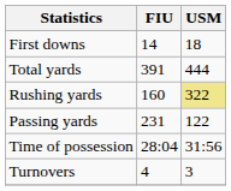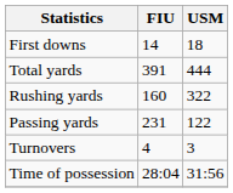 <table class="wikitable">
 <tr>
 <th>Statistics</th>
 <th>FIU</th>
 <th>USM</th>
 </tr>
 <tr>
 <td>First downs</td>
 <td>14</td>
 <td>18</td>
 </tr>
 <tr>
 <td>Total yards</td>
 <td>391</td>
 <td>444</td>
 </tr>
 <tr>
 <td>Rushing yards</td>
 <td>160</td>
-<td style="background: khaki;">322</td>
+<td>322</td>
 </tr>
 <tr>
 <td>Passing yards</td>
 <td>231</td>
 <td>122</td>
 </tr>
 <tr>
+<td>Turnovers</td>
+<td>4</td>
+<td>3</td>
+</tr>
+<tr>
 <td>Time of possession</td>
 <td>28:04</td>
 <td>31:56</td>
 </tr>
 <tr>
-<td>Turnovers</td>
-<td>4</td>
-<td>3</td>
-</tr>
-<tr>
 </tr>
 </table>
